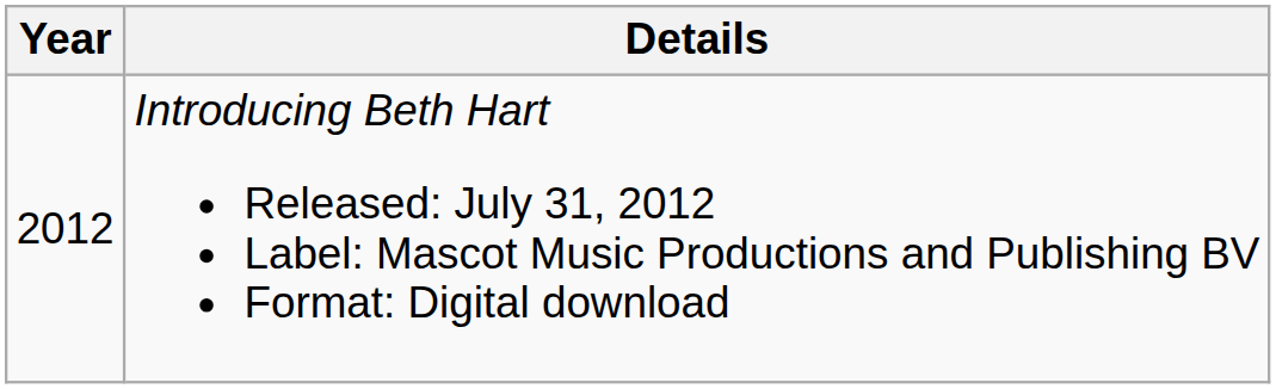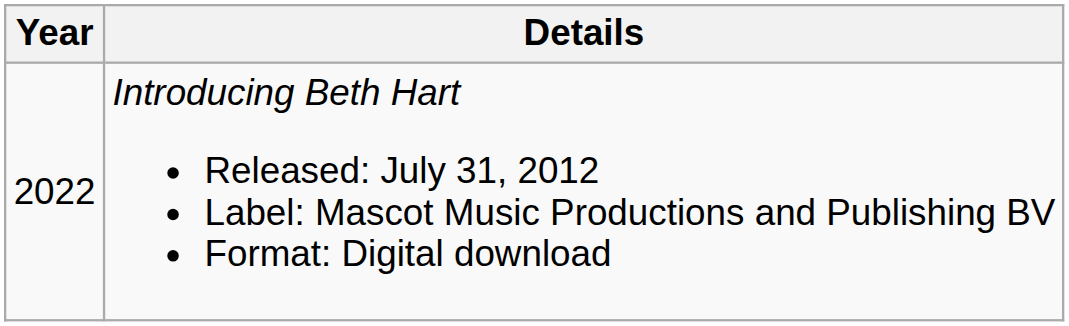 <table class="wikitable">
 <tr>
 <th>Year</th>
 <th>Details</th>
 </tr>
 <tr>
-<td>2012</td>
+<td>2022</td>
 <td><em>Introducing Beth Hart</em><br><ul><li>Released: July 31, 2012</li><li>Label: Mascot Music Productions and Publishing BV</li><li>Format: Digital download</li></ul></td>
 </tr>
 </table>
